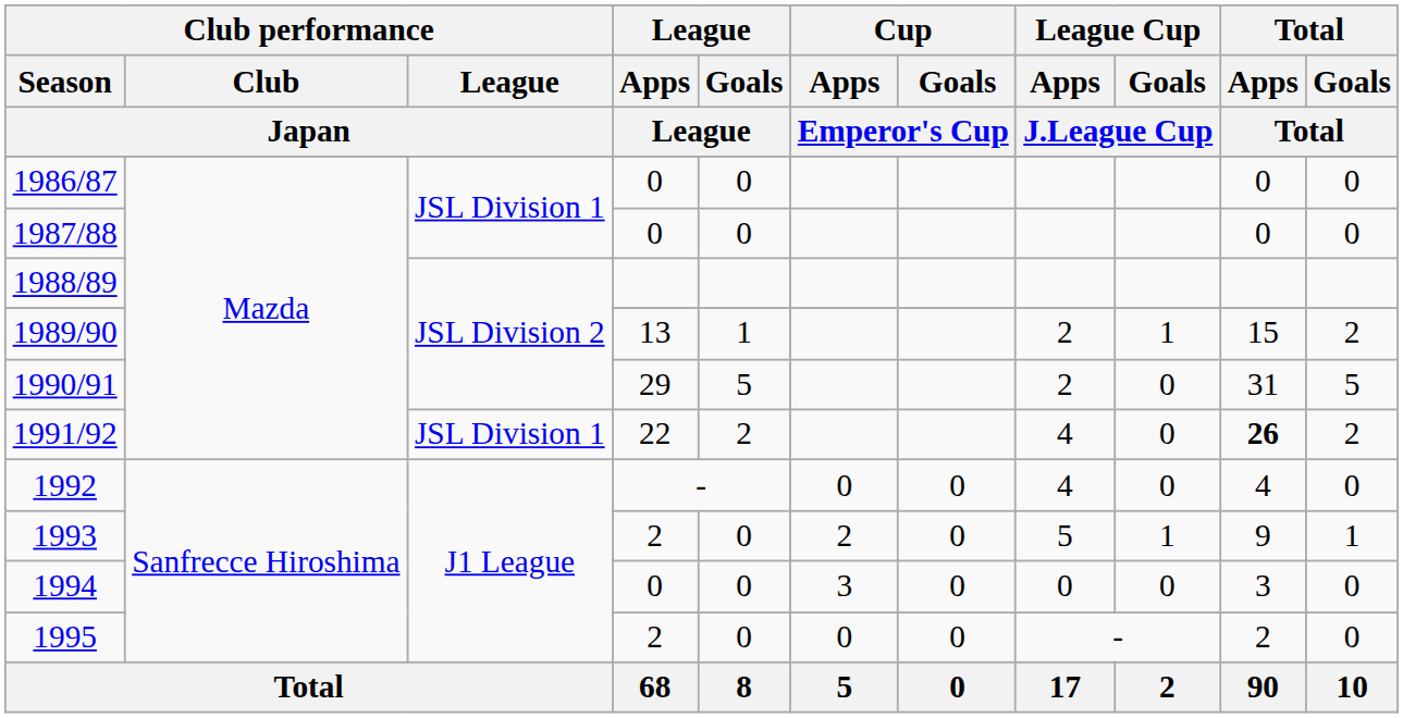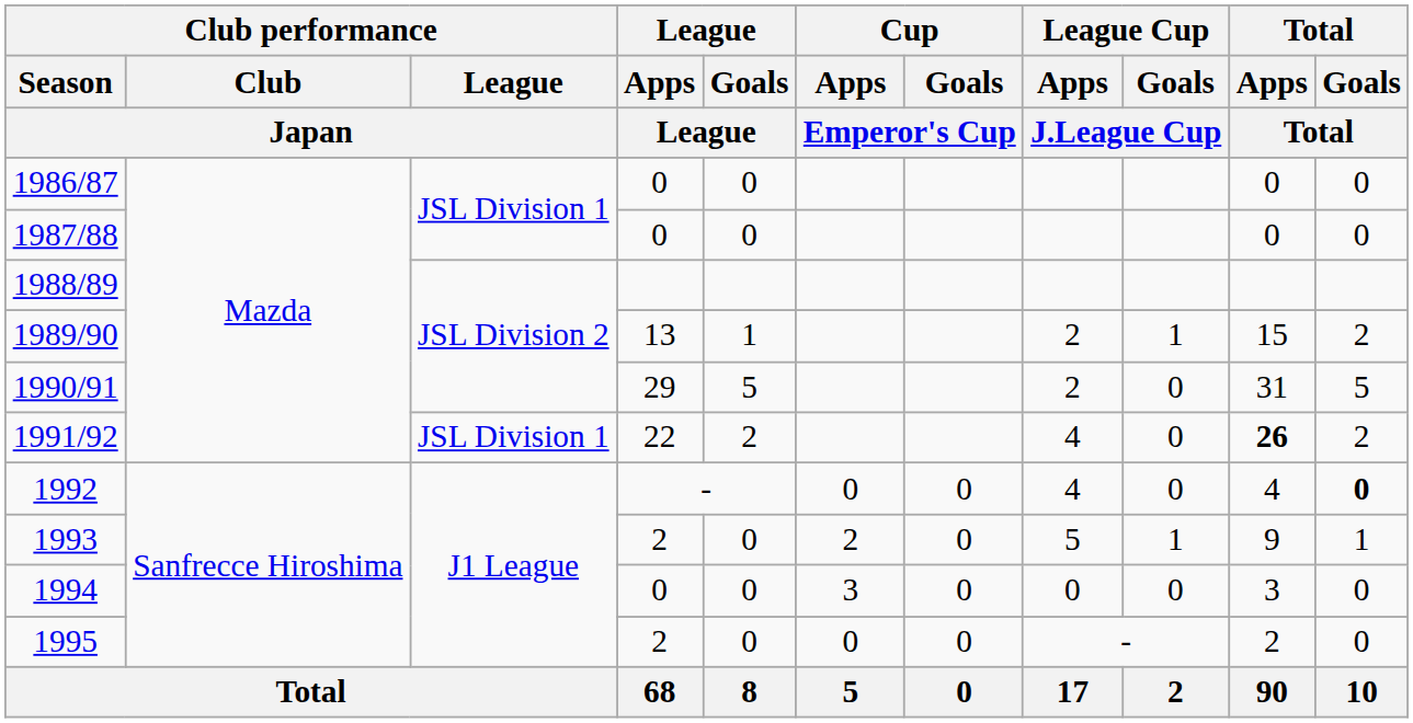 <table class="wikitable" style="text-align:center;">
 <tr>
 <th colspan=3>Club performance</th>
 <th colspan=2>League</th>
 <th colspan=2>Cup</th>
 <th colspan=2>League Cup</th>
 <th colspan=2>Total</th>
 </tr>
 <tr>
 <th>Season</th>
 <th>Club</th>
 <th>League</th>
 <th>Apps</th>
 <th>Goals</th>
 <th>Apps</th>
 <th>Goals</th>
 <th>Apps</th>
 <th>Goals</th>
 <th>Apps</th>
 <th>Goals</th>
 </tr>
 <tr>
 <th colspan=3>Japan</th>
 <th colspan=2>League</th>
 <th colspan=2><a href='#'>Emperor's Cup</a></th>
 <th colspan=2><a href='#'>J.League Cup</a></th>
 <th colspan=2>Total</th>
 </tr>
 <tr>
 <td><a href='#'>1986/87</a></td>
 <td rowspan="6"><a href='#'>Mazda</a></td>
 <td rowspan="2"><a href='#'>JSL Division 1</a></td>
 <td>0</td>
 <td>0</td>
 <td></td>
 <td></td>
 <td></td>
 <td></td>
 <td>0</td>
 <td>0</td>
 </tr>
 <tr>
 <td><a href='#'>1987/88</a></td>
 <td>0</td>
 <td>0</td>
 <td></td>
 <td></td>
 <td></td>
 <td></td>
 <td>0</td>
 <td>0</td>
 </tr>
 <tr>
 <td><a href='#'>1988/89</a></td>
 <td rowspan="3"><a href='#'>JSL Division 2</a></td>
 <td></td>
 <td></td>
 <td></td>
 <td></td>
 <td></td>
 <td></td>
 <td></td>
 <td></td>
 </tr>
 <tr>
 <td><a href='#'>1989/90</a></td>
 <td>13</td>
 <td>1</td>
 <td></td>
 <td></td>
 <td>2</td>
 <td>1</td>
 <td>15</td>
 <td>2</td>
 </tr>
 <tr>
 <td><a href='#'>1990/91</a></td>
 <td>29</td>
 <td>5</td>
 <td></td>
 <td></td>
 <td>2</td>
 <td>0</td>
 <td>31</td>
 <td>5</td>
 </tr>
 <tr>
 <td><a href='#'>1991/92</a></td>
 <td><a href='#'>JSL Division 1</a></td>
 <td>22</td>
 <td>2</td>
 <td></td>
 <td></td>
 <td>4</td>
 <td>0</td>
 <td><strong>26</strong></td>
 <td>2</td>
 </tr>
 <tr>
 <td><a href='#'>1992</a></td>
 <td rowspan="4"><a href='#'>Sanfrecce Hiroshima</a></td>
 <td rowspan="4"><a href='#'>J1 League</a></td>
 <td colspan="2">-</td>
 <td>0</td>
 <td>0</td>
 <td>4</td>
 <td>0</td>
 <td>4</td>
-<td>0</td>
+<td><strong>0</strong></td>
 </tr>
 <tr>
 <td><a href='#'>1993</a></td>
 <td>2</td>
 <td>0</td>
 <td>2</td>
 <td>0</td>
 <td>5</td>
 <td>1</td>
 <td>9</td>
 <td>1</td>
 </tr>
 <tr>
 <td><a href='#'>1994</a></td>
 <td>0</td>
 <td>0</td>
 <td>3</td>
 <td>0</td>
 <td>0</td>
 <td>0</td>
 <td>3</td>
 <td>0</td>
 </tr>
 <tr>
 <td><a href='#'>1995</a></td>
 <td>2</td>
 <td>0</td>
 <td>0</td>
 <td>0</td>
 <td colspan="2">-</td>
 <td>2</td>
 <td>0</td>
 </tr>
 <tr>
 <th colspan=3>Total</th>
 <th>68</th>
 <th>8</th>
 <th>5</th>
 <th>0</th>
 <th>17</th>
 <th>2</th>
 <th>90</th>
 <th>10</th>
 </tr>
 </table>
